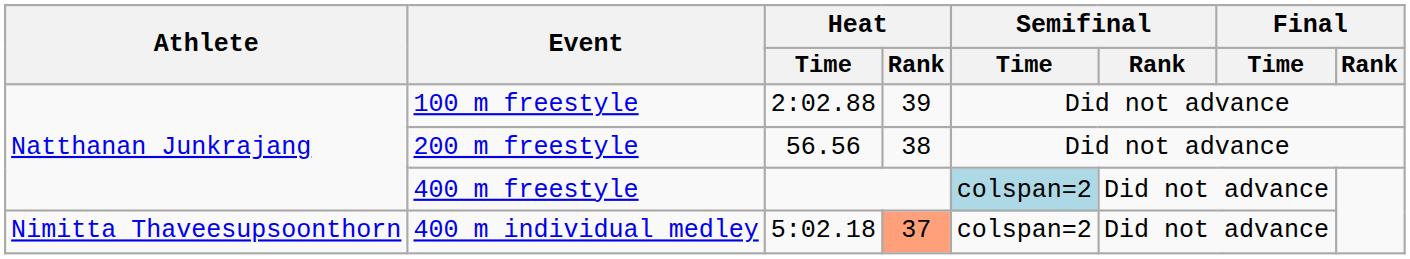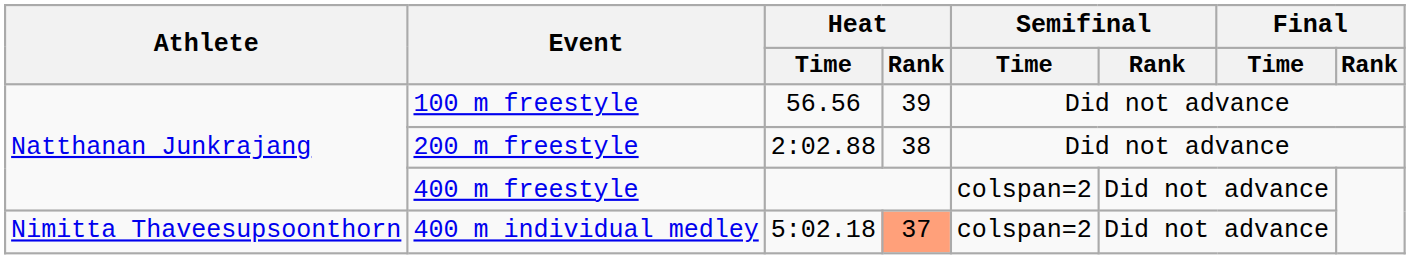 <table class=wikitable style="font-size:90%">
 <tr>
 <th rowspan="2">Athlete</th>
 <th rowspan="2">Event</th>
 <th colspan="2">Heat</th>
 <th colspan="2">Semifinal</th>
 <th colspan="2">Final</th>
 </tr>
 <tr style="font-size:95%">
 <th>Time</th>
 <th>Rank</th>
 <th>Time</th>
 <th>Rank</th>
 <th>Time</th>
 <th>Rank</th>
 </tr>
 <tr align=center>
 <td align=left rowspan=3><a href='#'>Natthanan Junkrajang</a></td>
 <td align=left><a href='#'>100 m freestyle</a></td>
-<td>2:02.88</td>
+<td>56.56</td>
 <td>39</td>
 <td colspan=4>Did not advance</td>
 </tr>
 <tr align=center>
 <td align=left><a href='#'>200 m freestyle</a></td>
-<td>56.56</td>
+<td>2:02.88</td>
 <td>38</td>
 <td colspan=4>Did not advance</td>
 </tr>
 <tr align=center>
 <td align=left><a href='#'>400 m freestyle</a></td>
 <td colspan=2></td>
-<td style="background: lightblue;">colspan=2 </td>
+<td>colspan=2 </td>
 <td colspan=2>Did not advance</td>
 </tr>
 <tr align=center>
 <td align=left><a href='#'>Nimitta Thaveesupsoonthorn</a></td>
 <td align=left><a href='#'>400 m individual medley</a></td>
 <td>5:02.18</td>
 <td style="background: lightsalmon;">37</td>
 <td>colspan=2 </td>
 <td colspan=2>Did not advance</td>
 </tr>
 </table>
